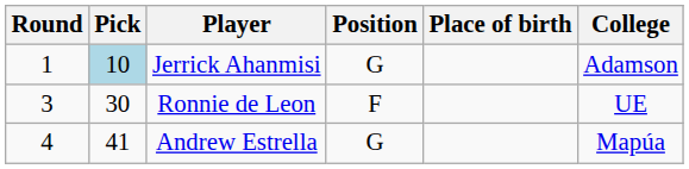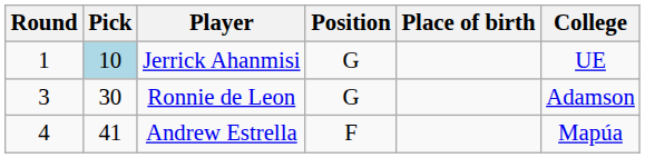 <table class="wikitable sortable sortable" style="text-align:center">
 <tr>
 <th>Round</th>
 <th>Pick</th>
 <th>Player</th>
 <th>Position</th>
 <th>Place of birth</th>
 <th>College</th>
 </tr>
 <tr>
 <td>1</td>
 <td style="background: lightblue;">10</td>
 <td><a href='#'>Jerrick Ahanmisi</a></td>
 <td>G</td>
 <td></td>
-<td><a href='#'>Adamson</a></td>
+<td><a href='#'>UE</a></td>
 </tr>
 <tr>
 <td>3</td>
 <td>30</td>
 <td><a href='#'>Ronnie de Leon</a></td>
-<td>F</td>
+<td>G</td>
 <td></td>
-<td><a href='#'>UE</a></td>
+<td><a href='#'>Adamson</a></td>
 </tr>
 <tr>
 <td>4</td>
 <td>41</td>
 <td><a href='#'>Andrew Estrella</a></td>
-<td>G</td>
+<td>F</td>
 <td></td>
 <td><a href='#'>Mapúa</a></td>
 </tr>
 </table>
